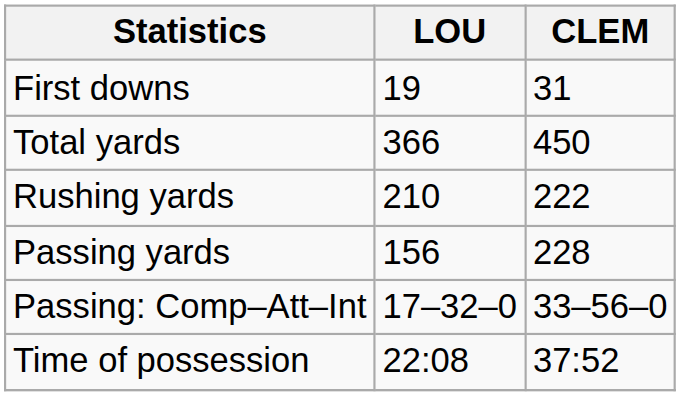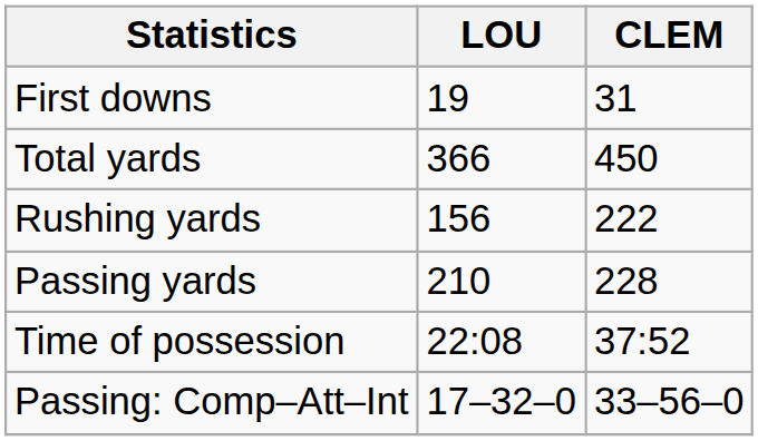 <table class="wikitable" style="float: left;">
 <tr>
 <th>Statistics</th>
 <th>LOU</th>
 <th>CLEM</th>
 </tr>
 <tr>
 <td>First downs</td>
 <td>19</td>
 <td>31</td>
 </tr>
 <tr>
 <td>Total yards</td>
 <td>366</td>
 <td>450</td>
 </tr>
 <tr>
 <td>Rushing yards</td>
-<td>210</td>
+<td>156</td>
 <td>222</td>
 </tr>
 <tr>
 <td>Passing yards</td>
-<td>156</td>
+<td>210</td>
 <td>228</td>
+</tr>
+<tr>
+<td>Time of possession</td>
+<td>22:08</td>
+<td>37:52</td>
 </tr>
 <tr>
 <td>Passing: Comp–Att–Int</td>
 <td>17–32–0</td>
 <td>33–56–0</td>
 </tr>
 <tr>
-<td>Time of possession</td>
-<td>22:08</td>
-<td>37:52</td>
-</tr>
-<tr>
 </tr>
 </table>
